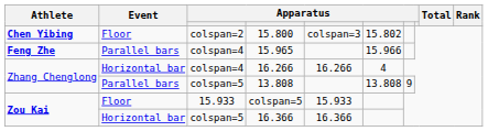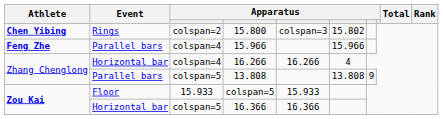 <table class="wikitable" style="font-size:90%">
 <tr>
 <th rowspan=2>Athlete</th>
 <th rowspan=2>Event</th>
 <th colspan =6>Apparatus</th>
 <th rowspan=2>Total</th>
 <th rowspan=2>Rank</th>
 </tr>
 <tr style="font-size:95%">
 <th></th>
 <th></th>
 <th></th>
 <th></th>
 <th></th>
 <th></th>
 </tr>
 <tr align=center>
 <td align=left><strong><a href='#'>Chen Yibing</a></strong></td>
-<td align=left><a href='#'>Floor</a></td>
+<td align=left><a href='#'>Rings</a></td>
 <td>colspan=2 </td>
 <td>15.800</td>
 <td>colspan=3 </td>
 <td>15.802</td>
 <td></td>
 </tr>
 <tr align=center>
 <td align=left><strong><a href='#'>Feng Zhe</a></strong></td>
 <td align=left><a href='#'>Parallel bars</a></td>
 <td>colspan=4 </td>
-<td>15.965</td>
+<td>15.966</td>
 <td></td>
 <td>15.966</td>
 <td></td>
 </tr>
 <tr align=center>
 <td align=left rowspan=2><a href='#'>Zhang Chenglong</a></td>
 <td align=left><a href='#'>Horizontal bar</a></td>
 <td>colspan=4 </td>
 <td>16.266</td>
 <td>16.266</td>
 <td>4</td>
 </tr>
 <tr align=center>
 <td align=left><a href='#'>Parallel bars</a></td>
 <td>colspan=5 </td>
 <td>13.808</td>
 <td></td>
 <td>13.808</td>
 <td>9</td>
 </tr>
 <tr align=center>
 <td align=left rowspan=2><strong><a href='#'>Zou Kai</a></strong></td>
 <td align=left><a href='#'>Floor</a></td>
 <td>15.933</td>
 <td>colspan=5 </td>
 <td>15.933</td>
 <td></td>
 </tr>
 <tr align=center>
 <td align=left><a href='#'>Horizontal bar</a></td>
 <td>colspan=5 </td>
 <td>16.366</td>
 <td>16.366</td>
 <td></td>
 </tr>
 </table>
